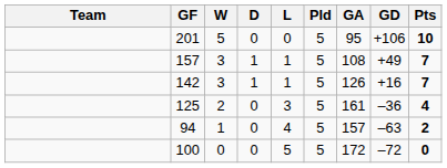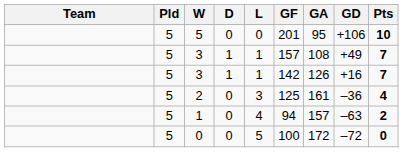 <table class="wikitable" style="text-align: center;">
 <tr>
 <th width="180">Team</th>
-<th width="30">GF</th>
+<th width="30">Pld</th>
 <th width="30">W</th>
 <th width="30">D</th>
 <th width="30">L</th>
-<th width="30">Pld</th>
+<th width="30">GF</th>
 <th width="30">GA</th>
 <th width="30">GD</th>
 <th width="30">Pts</th>
 </tr>
 <tr>
 <td align="left"></td>
-<td>201</td>
+<td>5</td>
 <td>5</td>
 <td>0</td>
 <td>0</td>
-<td>5</td>
+<td>201</td>
 <td>95</td>
 <td>+106</td>
 <td><strong>10</strong></td>
 </tr>
 <tr>
 <td align="left"></td>
-<td>157</td>
+<td>5</td>
 <td>3</td>
 <td>1</td>
 <td>1</td>
-<td>5</td>
+<td>157</td>
 <td>108</td>
 <td>+49</td>
 <td><strong>7</strong></td>
 </tr>
 <tr>
 <td align="left"></td>
-<td>142</td>
+<td>5</td>
 <td>3</td>
 <td>1</td>
 <td>1</td>
-<td>5</td>
+<td>142</td>
 <td>126</td>
 <td>+16</td>
 <td><strong>7</strong></td>
 </tr>
 <tr>
 <td align="left"></td>
-<td>125</td>
+<td>5</td>
 <td>2</td>
 <td>0</td>
 <td>3</td>
-<td>5</td>
+<td>125</td>
 <td>161</td>
 <td>–36</td>
 <td><strong>4</strong></td>
 </tr>
 <tr>
 <td align="left"></td>
-<td>94</td>
+<td>5</td>
 <td>1</td>
 <td>0</td>
 <td>4</td>
-<td>5</td>
+<td>94</td>
 <td>157</td>
 <td>–63</td>
 <td><strong>2</strong></td>
 </tr>
 <tr>
 <td align="left"></td>
-<td>100</td>
+<td>5</td>
 <td>0</td>
 <td>0</td>
 <td>5</td>
-<td>5</td>
+<td>100</td>
 <td>172</td>
 <td>–72</td>
 <td><strong>0</strong></td>
 </tr>
 </table>
